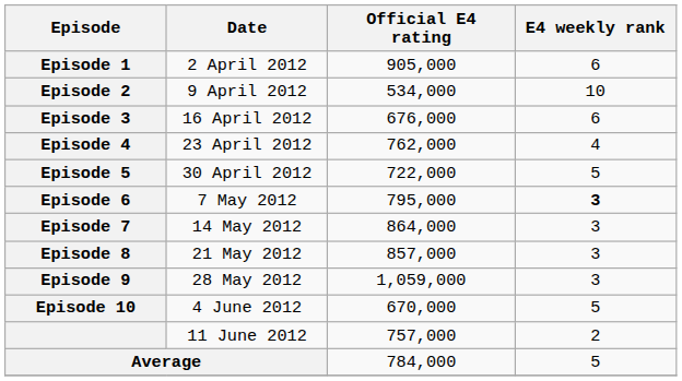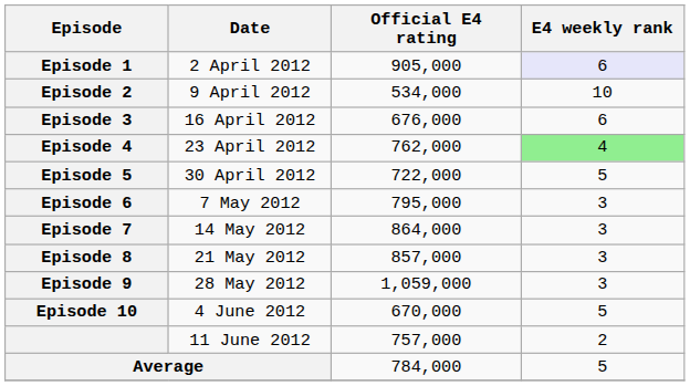 <table class="wikitable sortable" style="text-align:center">
 <tr>
 <th scope="col" style="width:120px;">Episode</th>
 <th scope="col" style="width:120px;">Date</th>
 <th scope="col" style="width:140px;">Official E4 rating</th>
 <th scope="col" style="width:120px;">E4 weekly rank</th>
 </tr>
 <tr>
 <th scope="row">Episode 1</th>
 <td>2 April 2012</td>
 <td>905,000</td>
-<td>6</td>
+<td style="background: lavender;">6</td>
 </tr>
 <tr>
 <th scope="row">Episode 2</th>
 <td>9 April 2012</td>
 <td>534,000</td>
 <td>10</td>
 </tr>
 <tr>
 <th scope="row">Episode 3</th>
 <td>16 April 2012</td>
 <td>676,000</td>
 <td>6</td>
 </tr>
 <tr>
 <th scope="row">Episode 4</th>
 <td>23 April 2012</td>
 <td>762,000</td>
-<td>4</td>
+<td style="background: lightgreen;">4</td>
 </tr>
 <tr>
 <th scope="row">Episode 5</th>
 <td>30 April 2012</td>
 <td>722,000</td>
 <td>5</td>
 </tr>
 <tr>
 <th scope="row">Episode 6</th>
 <td>7 May 2012</td>
 <td>795,000</td>
-<td><strong>3</strong></td>
+<td>3</td>
 </tr>
 <tr>
 <th scope="row">Episode 7</th>
 <td>14 May 2012</td>
 <td>864,000</td>
 <td>3</td>
 </tr>
 <tr>
 <th scope="row">Episode 8</th>
 <td>21 May 2012</td>
 <td>857,000</td>
 <td>3</td>
 </tr>
 <tr>
 <th scope="row">Episode 9</th>
 <td>28 May 2012</td>
 <td>1,059,000</td>
 <td>3</td>
 </tr>
 <tr>
 <th scope="row">Episode 10</th>
 <td>4 June 2012</td>
 <td>670,000</td>
 <td>5</td>
 </tr>
 <tr>
 <th scope="row"></th>
 <td>11 June 2012</td>
 <td>757,000</td>
 <td>2</td>
 </tr>
 <tr>
 <th scope="row" colspan="2">Average</th>
 <td>784,000</td>
 <td>5</td>
 </tr>
 <tr>
 </tr>
 </table>
